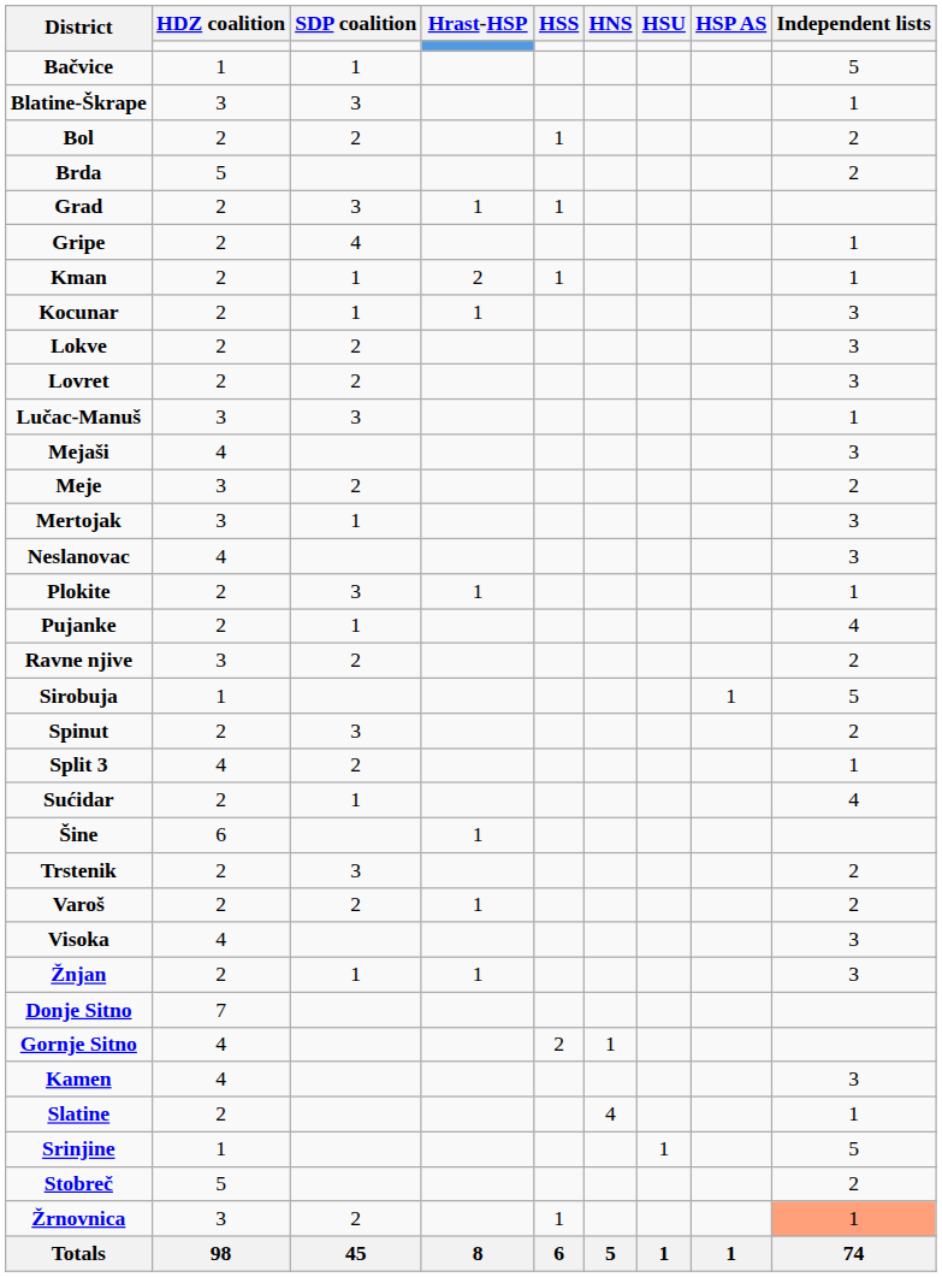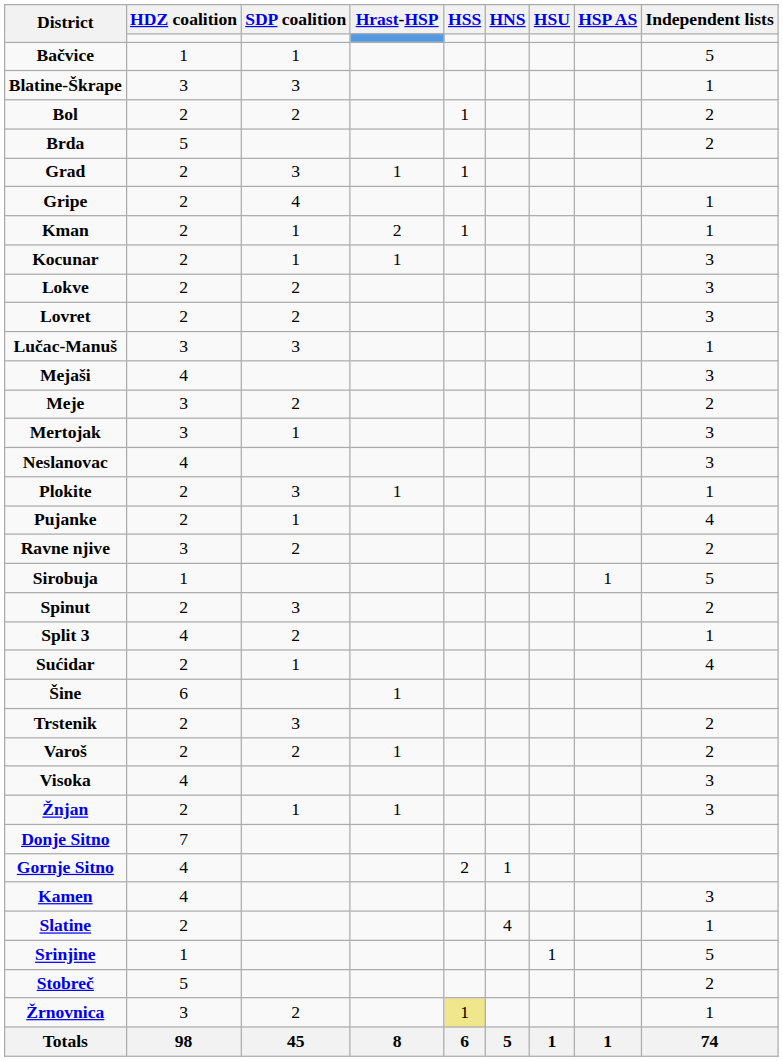 <table class="wikitable" style="text-align:center; font-size:90%;">
 <tr>
 <th rowspan=2>District</th>
 <th><a href='#'>HDZ</a> coalition</th>
 <th><a href='#'>SDP</a> coalition</th>
 <th><a href='#'>Hrast</a>-<a href='#'>HSP</a></th>
 <th><a href='#'>HSS</a></th>
 <th><a href='#'>HNS</a></th>
 <th><a href='#'>HSU</a></th>
 <th><a href='#'>HSP AS</a></th>
 <th>Independent lists</th>
 </tr>
 <tr>
 <td style="background: "></td>
 <td style="background: "></td>
 <td style="background: #5299E1" width="70px"></td>
 <td style="background: "></td>
 <td style="background: "></td>
 <td style="background: "></td>
 <td style="background: "></td>
 <td style="background: "></td>
 </tr>
 <tr>
 <td><strong>Bačvice</strong></td>
 <td>1</td>
 <td>1</td>
 <td></td>
 <td></td>
 <td></td>
 <td></td>
 <td></td>
 <td>5</td>
 </tr>
 <tr>
 <td><strong>Blatine-Škrape</strong></td>
 <td>3</td>
 <td>3</td>
 <td></td>
 <td></td>
 <td></td>
 <td></td>
 <td></td>
 <td>1</td>
 </tr>
 <tr>
 <td><strong>Bol</strong></td>
 <td>2</td>
 <td>2</td>
 <td></td>
 <td>1</td>
 <td></td>
 <td></td>
 <td></td>
 <td>2</td>
 </tr>
 <tr>
 <td><strong>Brda</strong></td>
 <td>5</td>
 <td></td>
 <td></td>
 <td></td>
 <td></td>
 <td></td>
 <td></td>
 <td>2</td>
 </tr>
 <tr>
 <td><strong>Grad</strong></td>
 <td>2</td>
 <td>3</td>
 <td>1</td>
 <td>1</td>
 <td></td>
 <td></td>
 <td></td>
 <td></td>
 </tr>
 <tr>
 <td><strong>Gripe</strong></td>
 <td>2</td>
 <td>4</td>
 <td></td>
 <td></td>
 <td></td>
 <td></td>
 <td></td>
 <td>1</td>
 </tr>
 <tr>
 <td><strong>Kman</strong></td>
 <td>2</td>
 <td>1</td>
 <td>2</td>
 <td>1</td>
 <td></td>
 <td></td>
 <td></td>
 <td>1</td>
 </tr>
 <tr>
 <td><strong>Kocunar</strong></td>
 <td>2</td>
 <td>1</td>
 <td>1</td>
 <td></td>
 <td></td>
 <td></td>
 <td></td>
 <td>3</td>
 </tr>
 <tr>
 <td><strong>Lokve</strong></td>
 <td>2</td>
 <td>2</td>
 <td></td>
 <td></td>
 <td></td>
 <td></td>
 <td></td>
 <td>3</td>
 </tr>
 <tr>
 <td><strong>Lovret</strong></td>
 <td>2</td>
 <td>2</td>
 <td></td>
 <td></td>
 <td></td>
 <td></td>
 <td></td>
 <td>3</td>
 </tr>
 <tr>
 <td><strong>Lučac-Manuš</strong></td>
 <td>3</td>
 <td>3</td>
 <td></td>
 <td></td>
 <td></td>
 <td></td>
 <td></td>
 <td>1</td>
 </tr>
 <tr>
 <td><strong>Mejaši</strong></td>
 <td>4</td>
 <td></td>
 <td></td>
 <td></td>
 <td></td>
 <td></td>
 <td></td>
 <td>3</td>
 </tr>
 <tr>
 <td><strong>Meje</strong></td>
 <td>3</td>
 <td>2</td>
 <td></td>
 <td></td>
 <td></td>
 <td></td>
 <td></td>
 <td>2</td>
 </tr>
 <tr>
 <td><strong>Mertojak</strong></td>
 <td>3</td>
 <td>1</td>
 <td></td>
 <td></td>
 <td></td>
 <td></td>
 <td></td>
 <td>3</td>
 </tr>
 <tr>
 <td><strong>Neslanovac</strong></td>
 <td>4</td>
 <td></td>
 <td></td>
 <td></td>
 <td></td>
 <td></td>
 <td></td>
 <td>3</td>
 </tr>
 <tr>
 <td><strong>Plokite</strong></td>
 <td>2</td>
 <td>3</td>
 <td>1</td>
 <td></td>
 <td></td>
 <td></td>
 <td></td>
 <td>1</td>
 </tr>
 <tr>
 <td><strong>Pujanke</strong></td>
 <td>2</td>
 <td>1</td>
 <td></td>
 <td></td>
 <td></td>
 <td></td>
 <td></td>
 <td>4</td>
 </tr>
 <tr>
 <td><strong>Ravne njive</strong></td>
 <td>3</td>
 <td>2</td>
 <td></td>
 <td></td>
 <td></td>
 <td></td>
 <td></td>
 <td>2</td>
 </tr>
 <tr>
 <td><strong>Sirobuja</strong></td>
 <td>1</td>
 <td></td>
 <td></td>
 <td></td>
 <td></td>
 <td></td>
 <td>1</td>
 <td>5</td>
 </tr>
 <tr>
 <td><strong>Spinut</strong></td>
 <td>2</td>
 <td>3</td>
 <td></td>
 <td></td>
 <td></td>
 <td></td>
 <td></td>
 <td>2</td>
 </tr>
 <tr>
 <td><strong>Split 3</strong></td>
 <td>4</td>
 <td>2</td>
 <td></td>
 <td></td>
 <td></td>
 <td></td>
 <td></td>
 <td>1</td>
 </tr>
 <tr>
 <td><strong>Sućidar</strong></td>
 <td>2</td>
 <td>1</td>
 <td></td>
 <td></td>
 <td></td>
 <td></td>
 <td></td>
 <td>4</td>
 </tr>
 <tr>
 <td><strong>Šine</strong></td>
 <td>6</td>
 <td></td>
 <td>1</td>
 <td></td>
 <td></td>
 <td></td>
 <td></td>
 <td></td>
 </tr>
 <tr>
 <td><strong>Trstenik</strong></td>
 <td>2</td>
 <td>3</td>
 <td></td>
 <td></td>
 <td></td>
 <td></td>
 <td></td>
 <td>2</td>
 </tr>
 <tr>
 <td><strong>Varoš</strong></td>
 <td>2</td>
 <td>2</td>
 <td>1</td>
 <td></td>
 <td></td>
 <td></td>
 <td></td>
 <td>2</td>
 </tr>
 <tr>
 <td><strong>Visoka</strong></td>
 <td>4</td>
 <td></td>
 <td></td>
 <td></td>
 <td></td>
 <td></td>
 <td></td>
 <td>3</td>
 </tr>
 <tr>
 <td><strong><a href='#'>Žnjan</a></strong></td>
 <td>2</td>
 <td>1</td>
 <td>1</td>
 <td></td>
 <td></td>
 <td></td>
 <td></td>
 <td>3</td>
 </tr>
 <tr>
 <td><strong><a href='#'>Donje Sitno</a></strong></td>
 <td>7</td>
 <td></td>
 <td></td>
 <td></td>
 <td></td>
 <td></td>
 <td></td>
 <td></td>
 </tr>
 <tr>
 <td><strong><a href='#'>Gornje Sitno</a></strong></td>
 <td>4</td>
 <td></td>
 <td></td>
 <td>2</td>
 <td>1</td>
 <td></td>
 <td></td>
 <td></td>
 </tr>
 <tr>
 <td><strong><a href='#'>Kamen</a></strong></td>
 <td>4</td>
 <td></td>
 <td></td>
 <td></td>
 <td></td>
 <td></td>
 <td></td>
 <td>3</td>
 </tr>
 <tr>
 <td><strong><a href='#'>Slatine</a></strong></td>
 <td>2</td>
 <td></td>
 <td></td>
 <td></td>
 <td>4</td>
 <td></td>
 <td></td>
 <td>1</td>
 </tr>
 <tr>
 <td><strong><a href='#'>Srinjine</a></strong></td>
 <td>1</td>
 <td></td>
 <td></td>
 <td></td>
 <td></td>
 <td>1</td>
 <td></td>
 <td>5</td>
 </tr>
 <tr>
 <td><strong><a href='#'>Stobreč</a></strong></td>
 <td>5</td>
 <td></td>
 <td></td>
 <td></td>
 <td></td>
 <td></td>
 <td></td>
 <td>2</td>
 </tr>
 <tr>
 <td><strong><a href='#'>Žrnovnica</a></strong></td>
 <td>3</td>
 <td>2</td>
 <td></td>
-<td>1</td>
+<td style="background: khaki;">1</td>
 <td></td>
 <td></td>
 <td></td>
-<td style="background: lightsalmon;">1</td>
+<td>1</td>
 </tr>
 <tr>
 <th>Totals</th>
 <th>98</th>
 <th>45</th>
 <th>8</th>
 <th>6</th>
 <th>5</th>
 <th>1</th>
 <th>1</th>
 <th>74</th>
 </tr>
 </table>
